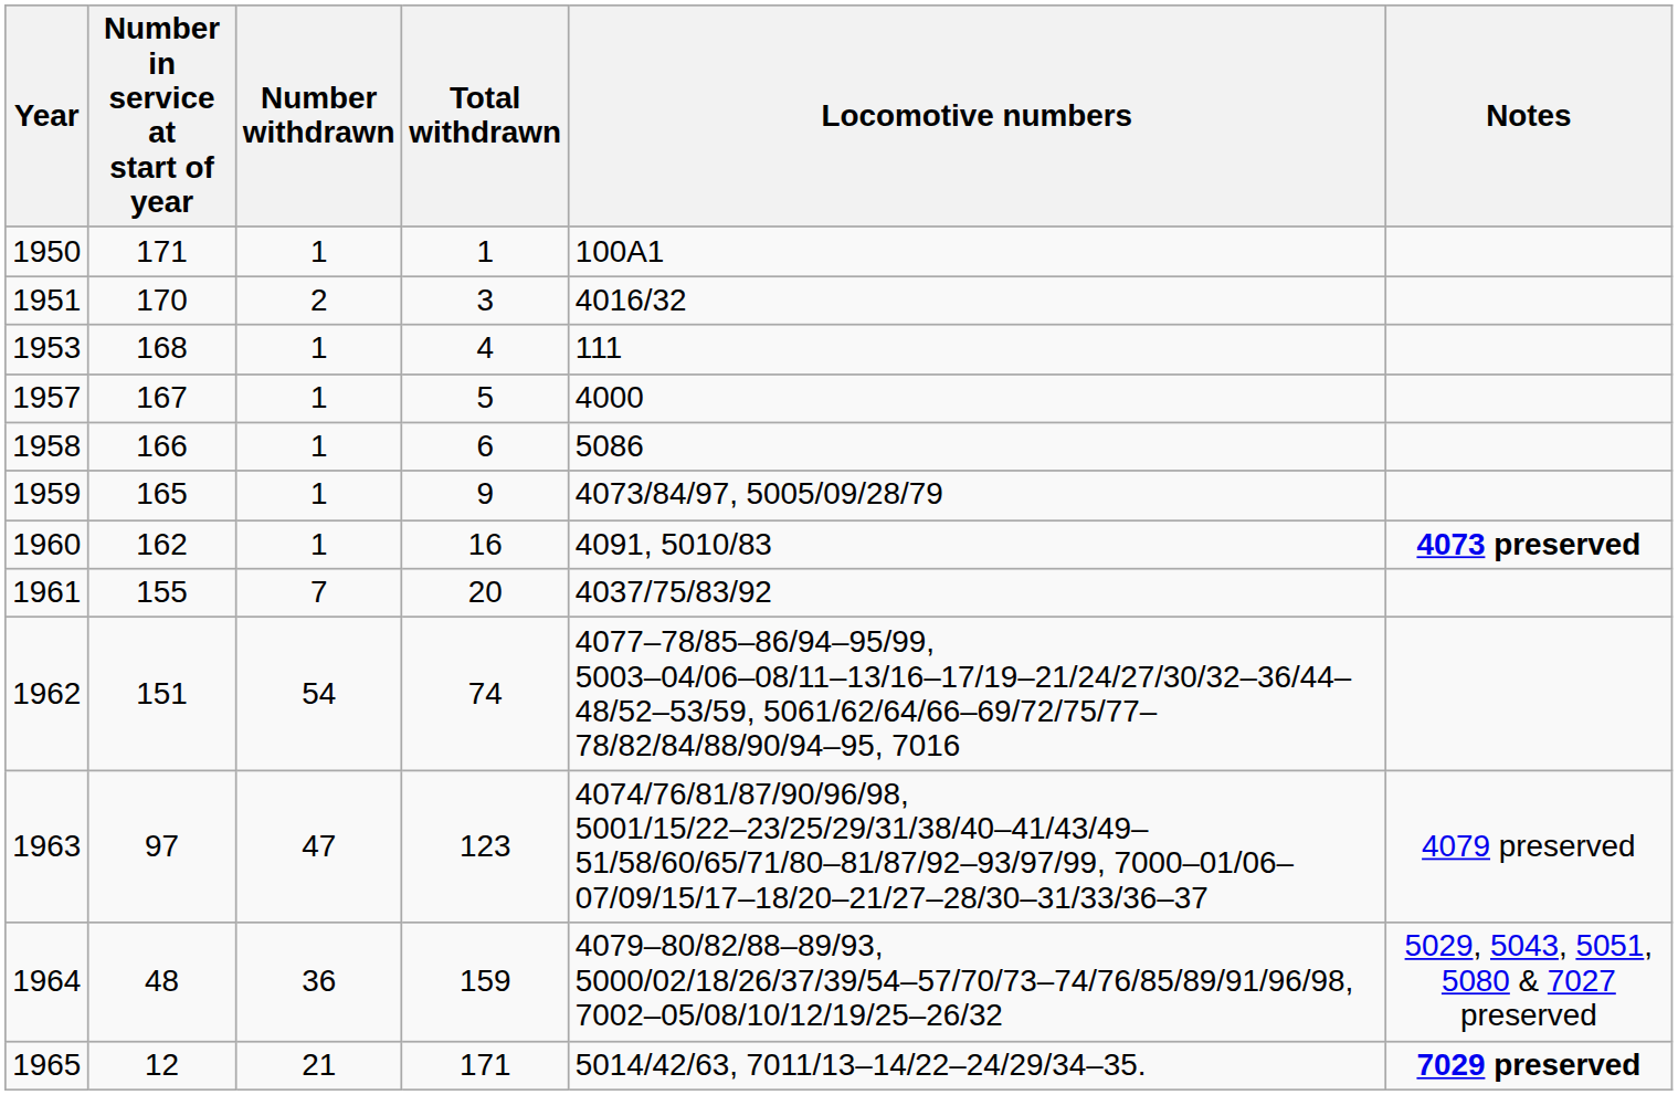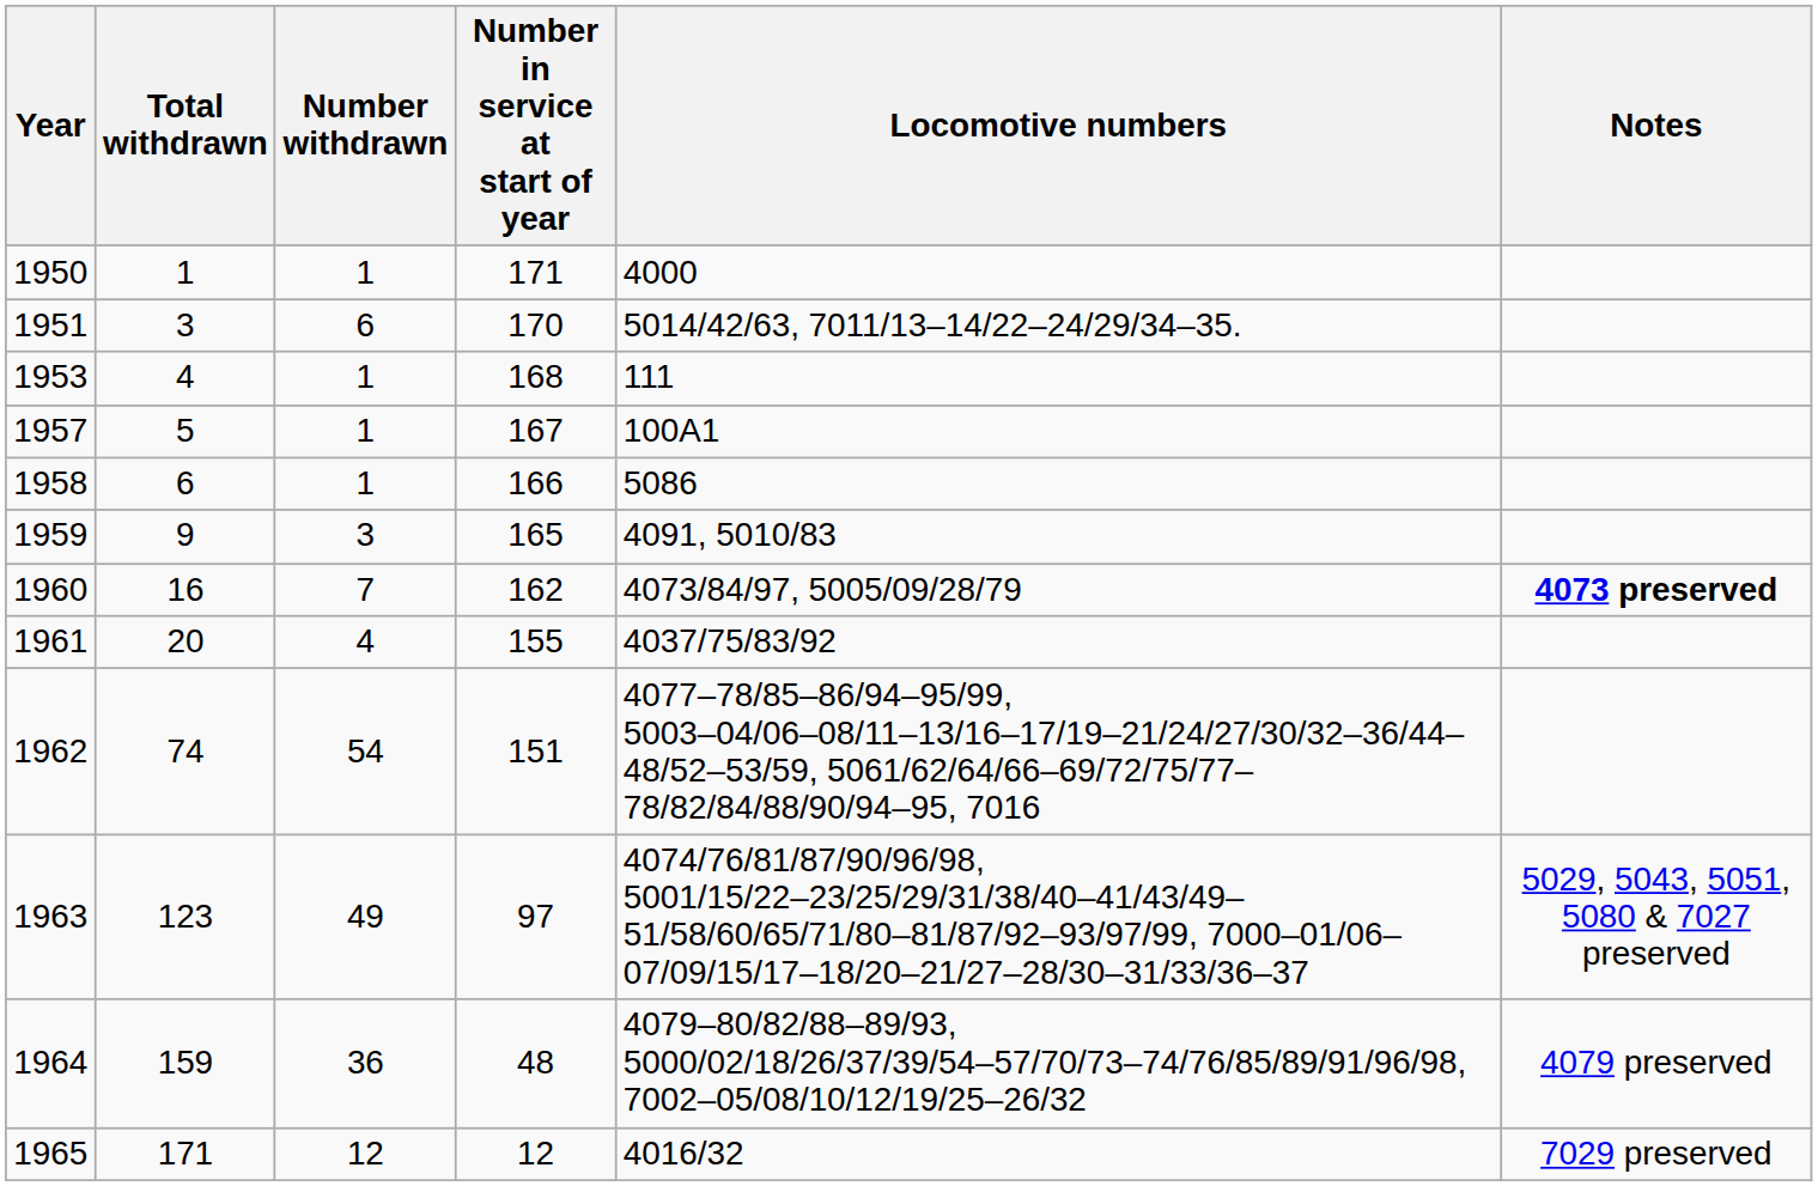 <table class="wikitable" style=text-align:center>
 <tr>
 <th>Year</th>
+<th>Total<br>withdrawn</th>
+<th>Number<br>withdrawn</th>
 <th>Number in<br>service at<br>start of year</th>
-<th>Number<br>withdrawn</th>
-<th>Total<br>withdrawn</th>
 <th>Locomotive numbers</th>
 <th>Notes</th>
 </tr>
 <tr>
 <td>1950</td>
-<td>171</td>
 <td>1</td>
 <td>1</td>
-<td align=left>100A1</td>
+<td>171</td>
+<td align=left>4000</td>
 <td></td>
 </tr>
 <tr>
 <td>1951</td>
+<td>3</td>
+<td>6</td>
 <td>170</td>
-<td>2</td>
-<td>3</td>
-<td align=left>4016/32</td>
+<td align=left>5014/42/63, 7011/13–14/22–24/29/34–35.</td>
 <td></td>
 </tr>
 <tr>
 <td>1953</td>
+<td>4</td>
+<td>1</td>
 <td>168</td>
-<td>1</td>
-<td>4</td>
 <td align=left>111</td>
 <td></td>
 </tr>
 <tr>
 <td>1957</td>
+<td>5</td>
+<td>1</td>
 <td>167</td>
-<td>1</td>
-<td>5</td>
-<td align=left>4000</td>
+<td align=left>100A1</td>
 <td></td>
 </tr>
 <tr>
 <td>1958</td>
+<td>6</td>
+<td>1</td>
 <td>166</td>
-<td>1</td>
-<td>6</td>
 <td align=left>5086</td>
 <td></td>
 </tr>
 <tr>
 <td>1959</td>
+<td>9</td>
+<td>3</td>
 <td>165</td>
-<td>1</td>
-<td>9</td>
-<td align=left>4073/84/97, 5005/09/28/79</td>
+<td align=left>4091, 5010/83</td>
 <td></td>
 </tr>
 <tr>
 <td>1960</td>
+<td>16</td>
+<td>7</td>
 <td>162</td>
-<td>1</td>
-<td>16</td>
-<td align=left>4091, 5010/83</td>
+<td align=left>4073/84/97, 5005/09/28/79</td>
 <td><strong><a href='#'>4073</a> preserved</strong></td>
 </tr>
 <tr>
 <td>1961</td>
+<td>20</td>
+<td>4</td>
 <td>155</td>
-<td>7</td>
-<td>20</td>
 <td align=left>4037/75/83/92</td>
 <td></td>
 </tr>
 <tr>
 <td>1962</td>
+<td>74</td>
+<td>54</td>
 <td>151</td>
-<td>54</td>
-<td>74</td>
 <td align=left>4077–78/85–86/94–95/99,<br>5003–04/06–08/11–13/16–17/19–21/24/27/30/32–36/44–48/52–53/59, 5061/62/64/66–69/72/75/77–78/82/84/88/90/94–95, 7016</td>
 <td></td>
 </tr>
 <tr>
 <td>1963</td>
+<td>123</td>
+<td>49</td>
 <td>97</td>
-<td>47</td>
-<td>123</td>
 <td align=left>4074/76/81/87/90/96/98,<br>5001/15/22–23/25/29/31/38/40–41/43/49–51/58/60/65/71/80–81/87/92–93/97/99, 7000–01/06–07/09/15/17–18/20–21/27–28/30–31/33/36–37</td>
+<td><a href='#'>5029</a>, <a href='#'>5043</a>, <a href='#'>5051</a>, <a href='#'>5080</a> & <a href='#'>7027</a> preserved</td>
+</tr>
+<tr>
+<td>1964</td>
+<td>159</td>
+<td>36</td>
+<td>48</td>
+<td align=left>4079–80/82/88–89/93,<br>5000/02/18/26/37/39/54–57/70/73–74/76/85/89/91/96/98, 7002–05/08/10/12/19/25–26/32</td>
 <td><a href='#'>4079</a> preserved</td>
 </tr>
 <tr>
-<td>1964</td>
-<td>48</td>
-<td>36</td>
-<td>159</td>
-<td align=left>4079–80/82/88–89/93,<br>5000/02/18/26/37/39/54–57/70/73–74/76/85/89/91/96/98, 7002–05/08/10/12/19/25–26/32</td>
-<td><a href='#'>5029</a>, <a href='#'>5043</a>, <a href='#'>5051</a>, <a href='#'>5080</a> & <a href='#'>7027</a> preserved</td>
-</tr>
-<tr>
 <td>1965</td>
+<td>171</td>
 <td>12</td>
-<td>21</td>
-<td>171</td>
-<td align=left>5014/42/63, 7011/13–14/22–24/29/34–35.</td>
-<td><strong><a href='#'>7029</a> preserved</strong></td>
+<td>12</td>
+<td align=left>4016/32</td>
+<td><a href='#'>7029</a> preserved</td>
 </tr>
 </table>
